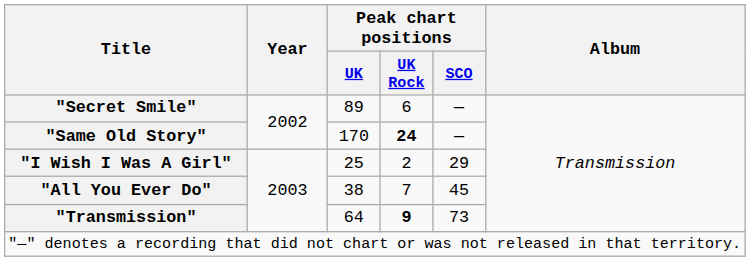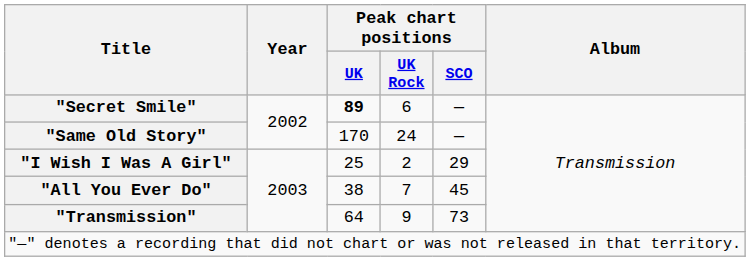 <table class="wikitable plainrowheaders" style="text-align:center">
 <tr>
 <th scope="col" rowspan="2" style="width:14em;">Title</th>
 <th scope="col" rowspan="2">Year</th>
 <th scope="col" colspan="3">Peak chart positions</th>
 <th scope="col" rowspan="2" style="width:15em;">Album</th>
 </tr>
 <tr>
 <th scope="col" style="width:3em;font-size:90%;"><a href='#'>UK</a> <br></th>
 <th scope="col" style="width:3em;font-size:90%;"><a href='#'>UK<br>Rock</a> <br></th>
 <th scope="col" style="width:3em;font-size:90%;"><a href='#'>SCO</a> <br></th>
 </tr>
 <tr>
 <th scope="row">"Secret Smile" </th>
 <td rowspan="2">2002</td>
-<td>89</td>
+<td><strong>89</strong></td>
 <td>6</td>
 <td>—</td>
 <td rowspan="5"><em>Transmission</em></td>
 </tr>
 <tr>
 <th scope="row">"Same Old Story" </th>
 <td>170</td>
-<td><strong>24</strong></td>
+<td>24</td>
 <td>—</td>
 </tr>
 <tr>
 <th scope="row">"I Wish I Was A Girl" </th>
 <td rowspan="3">2003</td>
 <td>25</td>
 <td>2</td>
 <td>29</td>
 </tr>
 <tr>
 <th scope="row">"All You Ever Do" </th>
 <td>38</td>
 <td>7</td>
 <td>45</td>
 </tr>
 <tr>
 <th scope="row">"Transmission" </th>
 <td>64</td>
-<td><strong>9</strong></td>
+<td>9</td>
 <td>73</td>
 </tr>
 <tr>
 <td colspan="13" style="font-size:90%">"—" denotes a recording that did not chart or was not released in that territory.</td>
 </tr>
 </table>
